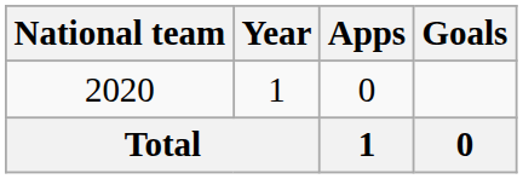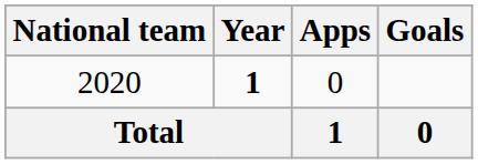 <table class=wikitable style=text-align:center>
 <tr>
 <th>National team</th>
 <th>Year</th>
 <th>Apps</th>
 <th>Goals</th>
 </tr>
 <tr>
 <td>2020</td>
-<td>1</td>
+<td><strong>1</strong></td>
 <td>0</td>
 </tr>
 <tr>
 <th colspan="2">Total</th>
 <th>1</th>
 <th>0</th>
 </tr>
 </table>
